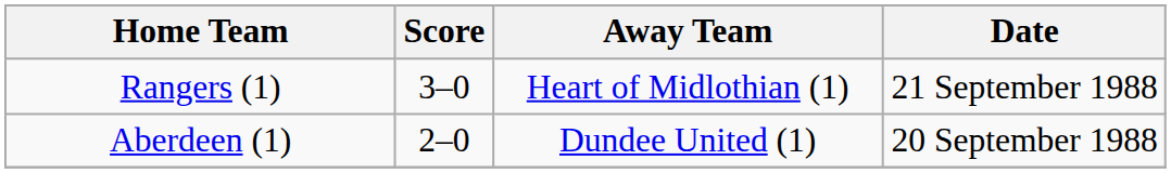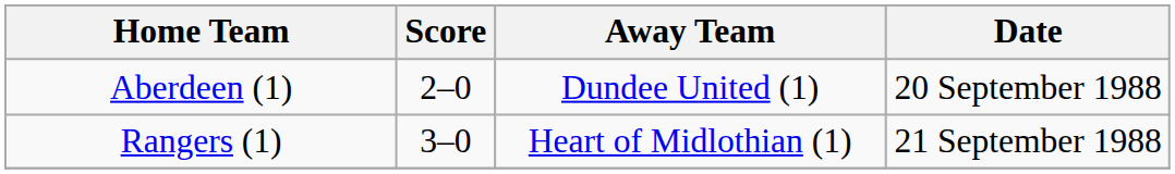 <table class="wikitable" style="text-align:center;">
 <tr>
 <th width=175>Home Team</th>
 <th width=20>Score</th>
 <th width=175>Away Team</th>
 <th width= 125>Date</th>
 </tr>
 <tr>
+<td><a href='#'>Aberdeen</a> (1)</td>
+<td>2–0</td>
+<td><a href='#'>Dundee United</a> (1)</td>
+<td>20 September 1988</td>
+</tr>
+<tr>
 <td><a href='#'>Rangers</a> (1)</td>
 <td>3–0</td>
 <td><a href='#'>Heart of Midlothian</a> (1)</td>
 <td>21 September 1988</td>
 </tr>
 <tr>
-<td><a href='#'>Aberdeen</a> (1)</td>
-<td>2–0</td>
-<td><a href='#'>Dundee United</a> (1)</td>
-<td>20 September 1988</td>
-</tr>
-<tr>
 </tr>
 </table>
